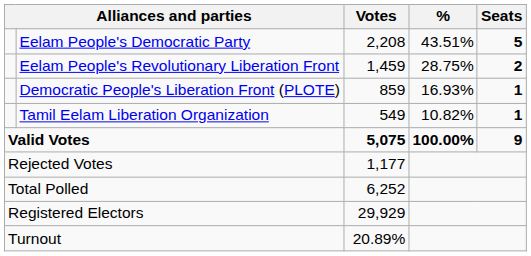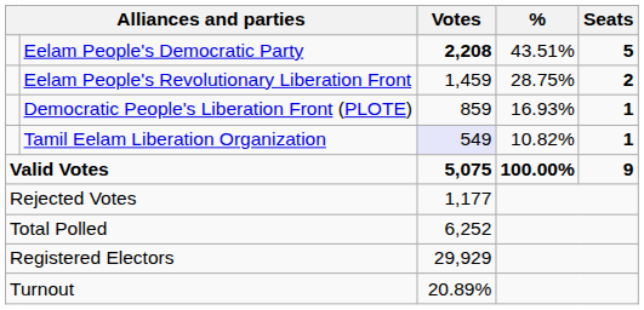 <table class="wikitable" border="1" style="text-align:right;">
 <tr>
 <th valign=bottom align=left colspan=2>Alliances and parties</th>
 <th valign=bottom align=center width="60">Votes</th>
 <th valign=bottom align=center width="50">%</th>
 <th valign=bottom align=center>Seats</th>
 </tr>
 <tr>
 <td bgcolor=> </td>
 <td align=left><a href='#'>Eelam People's Democratic Party</a></td>
-<td>2,208</td>
+<td><strong>2,208</strong></td>
 <td>43.51%</td>
 <td><strong>5</strong></td>
 </tr>
 <tr>
 <td bgcolor=> </td>
 <td align=left><a href='#'>Eelam People's Revolutionary Liberation Front</a></td>
 <td>1,459</td>
 <td>28.75%</td>
 <td><strong>2</strong></td>
 </tr>
 <tr>
 <td bgcolor=> </td>
 <td align=left><a href='#'>Democratic People's Liberation Front</a> (<a href='#'>PLOTE</a>)</td>
 <td>859</td>
 <td>16.93%</td>
 <td><strong>1</strong></td>
 </tr>
 <tr>
 <td bgcolor=> </td>
 <td align=left><a href='#'>Tamil Eelam Liberation Organization</a></td>
-<td>549</td>
+<td style="background: lavender;">549</td>
 <td>10.82%</td>
 <td><strong>1</strong></td>
 </tr>
 <tr>
 <td colspan=2 align=left><strong>Valid Votes</strong></td>
 <td><strong>5,075</strong></td>
 <td><strong>100.00%</strong></td>
 <td><strong>9</strong></td>
 </tr>
 <tr>
 <td colspan=2 align=left>Rejected Votes</td>
 <td>1,177</td>
 <td colspan=2></td>
 </tr>
 <tr>
 <td colspan=2 align=left>Total Polled</td>
 <td>6,252</td>
 <td colspan=2></td>
 </tr>
 <tr>
 <td colspan=2 align=left>Registered Electors</td>
 <td>29,929</td>
 <td colspan=2></td>
 </tr>
 <tr>
 <td colspan=2 align=left>Turnout</td>
 <td>20.89%</td>
 <td colspan=2></td>
 </tr>
 </table>
